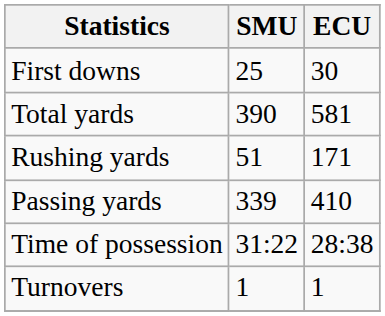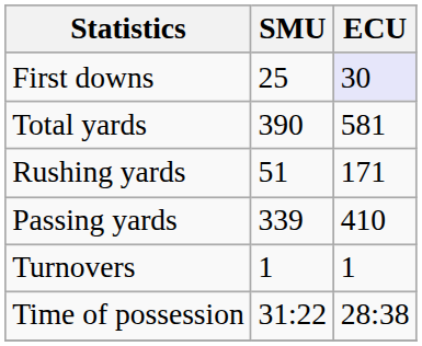 <table class="wikitable">
 <tr>
 <th>Statistics</th>
 <th>SMU</th>
 <th>ECU</th>
 </tr>
 <tr>
 <td>First downs</td>
 <td>25</td>
-<td>30</td>
+<td style="background: lavender;">30</td>
 </tr>
 <tr>
 <td>Total yards</td>
 <td>390</td>
 <td>581</td>
 </tr>
 <tr>
 <td>Rushing yards</td>
 <td>51</td>
 <td>171</td>
 </tr>
 <tr>
 <td>Passing yards</td>
 <td>339</td>
 <td>410</td>
 </tr>
 <tr>
+<td>Turnovers</td>
+<td>1</td>
+<td>1</td>
+</tr>
+<tr>
 <td>Time of possession</td>
 <td>31:22</td>
 <td>28:38</td>
 </tr>
 <tr>
-<td>Turnovers</td>
-<td>1</td>
-<td>1</td>
-</tr>
-<tr>
 </tr>
 </table>
